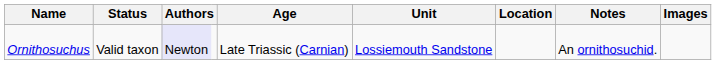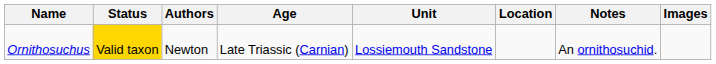 <table class="wikitable sortable" align="center" width="100%">
 <tr>
 <th>Name</th>
 <th>Status</th>
 <th colspan="2">Authors</th>
 <th>Age</th>
 <th>Unit</th>
 <th>Location</th>
 <th>Notes</th>
 <th>Images</th>
 </tr>
 <tr>
 <td><br><em><a href='#'>Ornithosuchus</a></em></td>
-<td><br>Valid taxon</td>
-<td style="background: lavender; border-right:0px" valign="top"><br>Newton</td>
+<td style="background: gold;"><br>Valid taxon</td>
+<td style="border-right:0px" valign="top"><br>Newton</td>
 <td style="border-left:0px" valign="top"></td>
 <td><br>Late Triassic (<a href='#'>Carnian</a>)</td>
 <td><br><a href='#'>Lossiemouth Sandstone</a></td>
 <td><br></td>
 <td><br>An <a href='#'>ornithosuchid</a>.</td>
 <td></td>
 </tr>
 </table>
